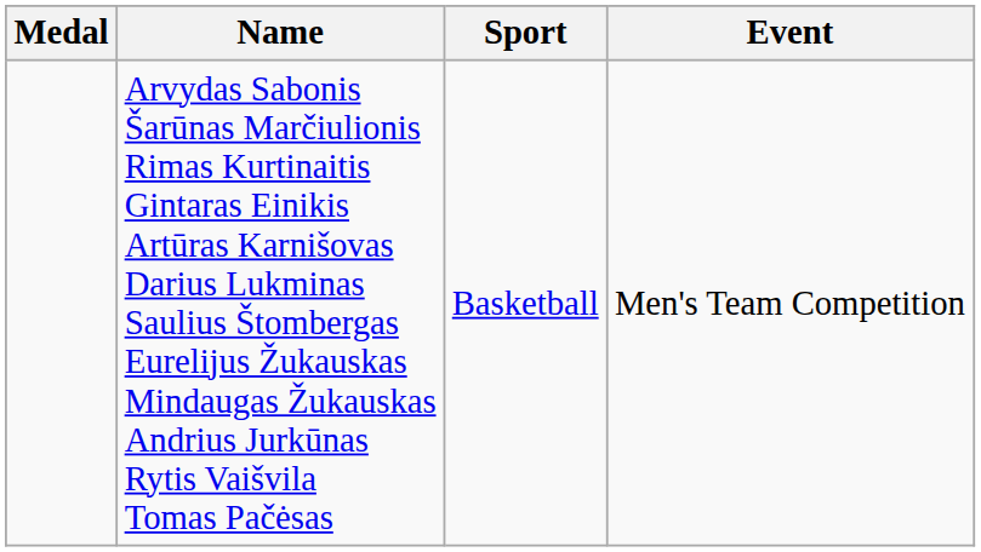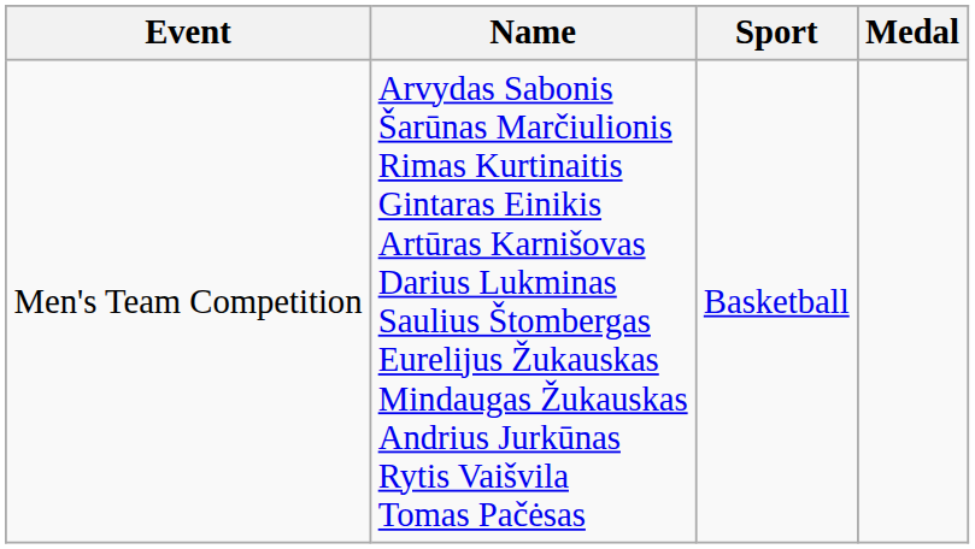 <table class="wikitable">
 <tr>
-<th>Medal</th>
+<th>Event</th>
 <th>Name</th>
 <th>Sport</th>
-<th>Event</th>
+<th>Medal</th>
 </tr>
 <tr>
-<td></td>
+<td>Men's Team Competition</td>
 <td><a href='#'>Arvydas Sabonis</a> <br><a href='#'>Šarūnas Marčiulionis</a> <br><a href='#'>Rimas Kurtinaitis</a> <br><a href='#'>Gintaras Einikis</a> <br><a href='#'>Artūras Karnišovas</a> <br><a href='#'>Darius Lukminas</a> <br><a href='#'>Saulius Štombergas</a> <br><a href='#'>Eurelijus Žukauskas</a> <br><a href='#'>Mindaugas Žukauskas</a> <br><a href='#'>Andrius Jurkūnas</a> <br><a href='#'>Rytis Vaišvila</a> <br><a href='#'>Tomas Pačėsas</a></td>
 <td><a href='#'>Basketball</a></td>
-<td>Men's Team Competition</td>
+<td></td>
 </tr>
 </table>
